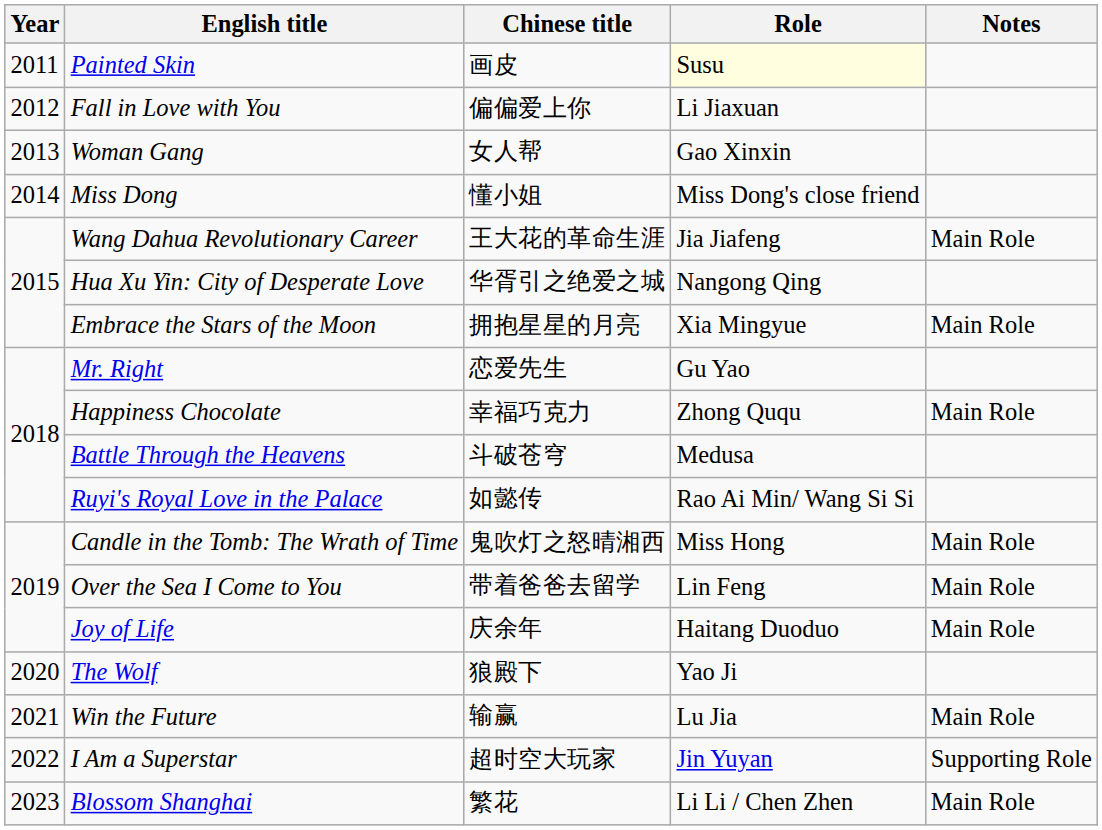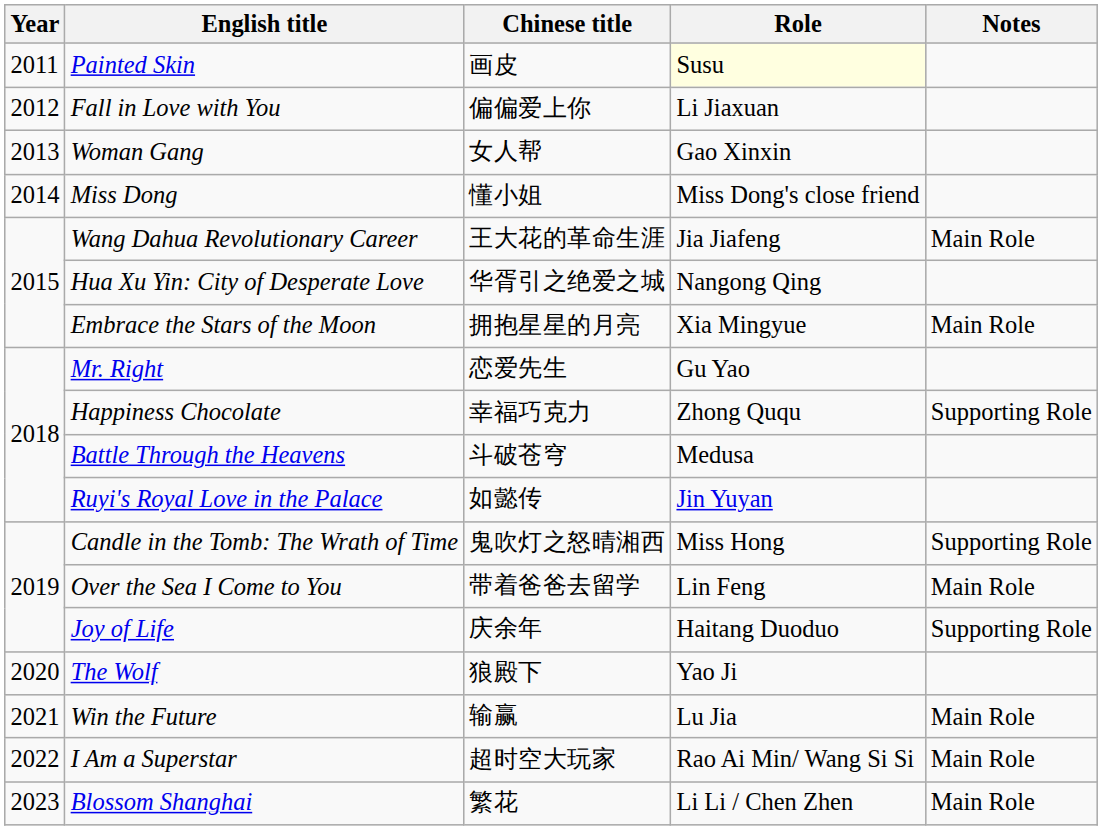 <table class="wikitable">
 <tr>
 <th width=10>Year</th>
 <th>English title</th>
 <th>Chinese title</th>
 <th>Role</th>
 <th>Notes</th>
 </tr>
 <tr>
 <td>2011</td>
 <td><em><a href='#'>Painted Skin</a></em></td>
 <td>画皮</td>
 <td style="background: lightyellow;">Susu</td>
 <td></td>
 </tr>
 <tr>
 <td>2012</td>
 <td><em>Fall in Love with You</em></td>
 <td>偏偏爱上你</td>
 <td>Li Jiaxuan</td>
 <td></td>
 </tr>
 <tr>
 <td>2013</td>
 <td><em>Woman Gang</em></td>
 <td>女人帮</td>
 <td>Gao Xinxin</td>
 <td></td>
 </tr>
 <tr>
 <td>2014</td>
 <td><em>Miss Dong</em></td>
 <td>懂小姐</td>
 <td>Miss Dong's close friend</td>
 <td></td>
 </tr>
 <tr>
 <td rowspan=3>2015</td>
 <td><em>Wang Dahua Revolutionary Career</em></td>
 <td>王大花的革命生涯</td>
 <td>Jia Jiafeng</td>
 <td>Main Role</td>
 </tr>
 <tr>
 <td><em>Hua Xu Yin: City of Desperate Love</em></td>
 <td>华胥引之绝爱之城</td>
 <td>Nangong Qing</td>
 <td></td>
 </tr>
 <tr>
 <td><em>Embrace the Stars of the Moon</em></td>
 <td>拥抱星星的月亮</td>
 <td>Xia Mingyue</td>
 <td>Main Role</td>
 </tr>
 <tr>
 <td rowspan=4>2018</td>
 <td><em><a href='#'>Mr. Right</a></em></td>
 <td>恋爱先生</td>
 <td>Gu Yao</td>
 <td></td>
 </tr>
 <tr>
 <td><em>Happiness Chocolate</em></td>
 <td>幸福巧克力</td>
 <td>Zhong Ququ</td>
-<td>Main Role</td>
+<td>Supporting Role</td>
 </tr>
 <tr>
 <td><em><a href='#'>Battle Through the Heavens</a></em></td>
 <td>斗破苍穹</td>
 <td>Medusa</td>
 <td></td>
 </tr>
 <tr>
 <td><em><a href='#'>Ruyi's Royal Love in the Palace</a></em></td>
 <td>如懿传</td>
-<td>Rao Ai Min/ Wang Si Si</td>
+<td><a href='#'>Jin Yuyan</a></td>
 <td></td>
 </tr>
 <tr>
 <td rowspan=3>2019</td>
 <td><em>Candle in the Tomb: The Wrath of Time</em></td>
 <td>鬼吹灯之怒晴湘西</td>
 <td>Miss Hong</td>
-<td>Main Role</td>
+<td>Supporting Role</td>
 </tr>
 <tr>
 <td><em>Over the Sea I Come to You</em></td>
 <td>带着爸爸去留学</td>
 <td>Lin Feng</td>
 <td>Main Role</td>
 </tr>
 <tr>
 <td><em><a href='#'>Joy of Life</a></em></td>
 <td>庆余年</td>
 <td>Haitang Duoduo</td>
-<td>Main Role</td>
+<td>Supporting Role</td>
 </tr>
 <tr>
 <td>2020</td>
 <td><em><a href='#'>The Wolf</a></em></td>
 <td>狼殿下</td>
 <td>Yao Ji</td>
 <td></td>
 </tr>
 <tr>
 <td>2021</td>
 <td><em>Win the Future</em></td>
 <td>输赢</td>
 <td>Lu Jia</td>
 <td>Main Role</td>
 </tr>
 <tr>
 <td>2022</td>
 <td><em>I Am a Superstar</em></td>
 <td>超时空大玩家</td>
-<td><a href='#'>Jin Yuyan</a></td>
-<td>Supporting Role</td>
+<td>Rao Ai Min/ Wang Si Si</td>
+<td>Main Role</td>
 </tr>
 <tr>
 <td>2023</td>
 <td><em><a href='#'>Blossom Shanghai</a></em></td>
 <td>繁花</td>
 <td>Li Li / Chen Zhen</td>
 <td>Main Role</td>
 </tr>
 </table>
